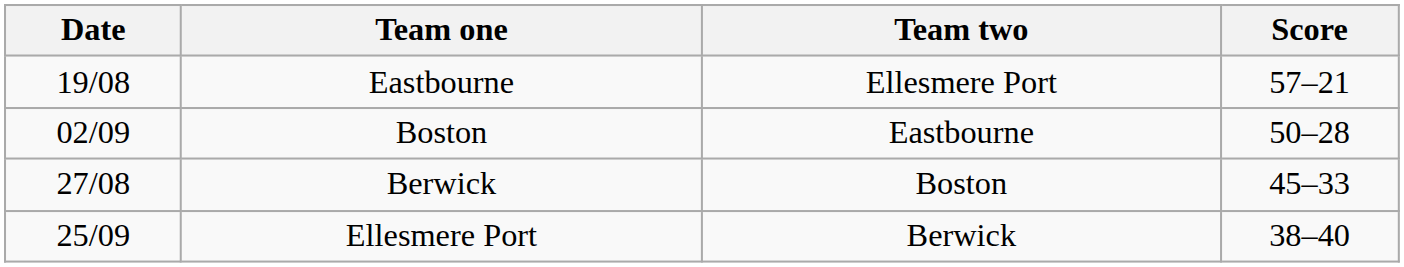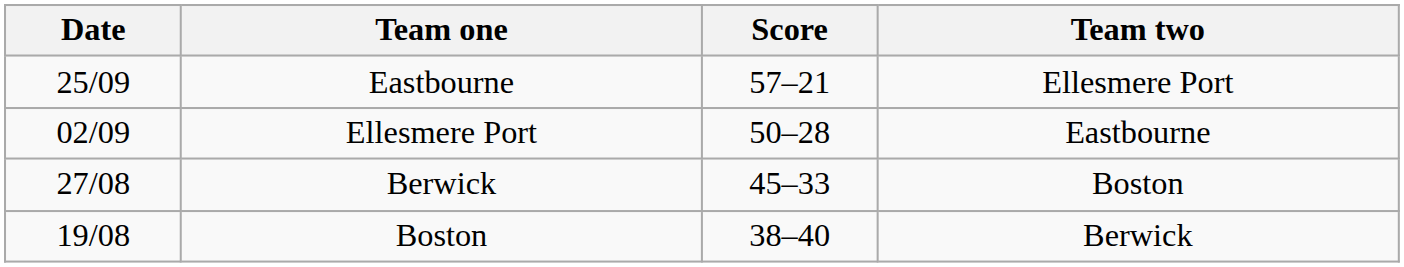 <table class="wikitable" style="text-align: center">
 <tr>
 <th width=80>Date</th>
 <th width=250>Team one</th>
+<th width=80>Score</th>
 <th width=250>Team two</th>
-<th width=80>Score</th>
 </tr>
 <tr>
-<td>19/08</td>
+<td>25/09</td>
 <td>Eastbourne</td>
+<td>57–21</td>
 <td>Ellesmere Port</td>
-<td>57–21</td>
 </tr>
 <tr>
 <td>02/09</td>
-<td>Boston</td>
+<td>Ellesmere Port</td>
+<td>50–28</td>
 <td>Eastbourne</td>
-<td>50–28</td>
 </tr>
 <tr>
 <td>27/08</td>
 <td>Berwick</td>
+<td>45–33</td>
 <td>Boston</td>
-<td>45–33</td>
 </tr>
 <tr>
-<td>25/09</td>
-<td>Ellesmere Port</td>
+<td>19/08</td>
+<td>Boston</td>
+<td>38–40</td>
 <td>Berwick</td>
-<td>38–40</td>
 </tr>
 </table>
